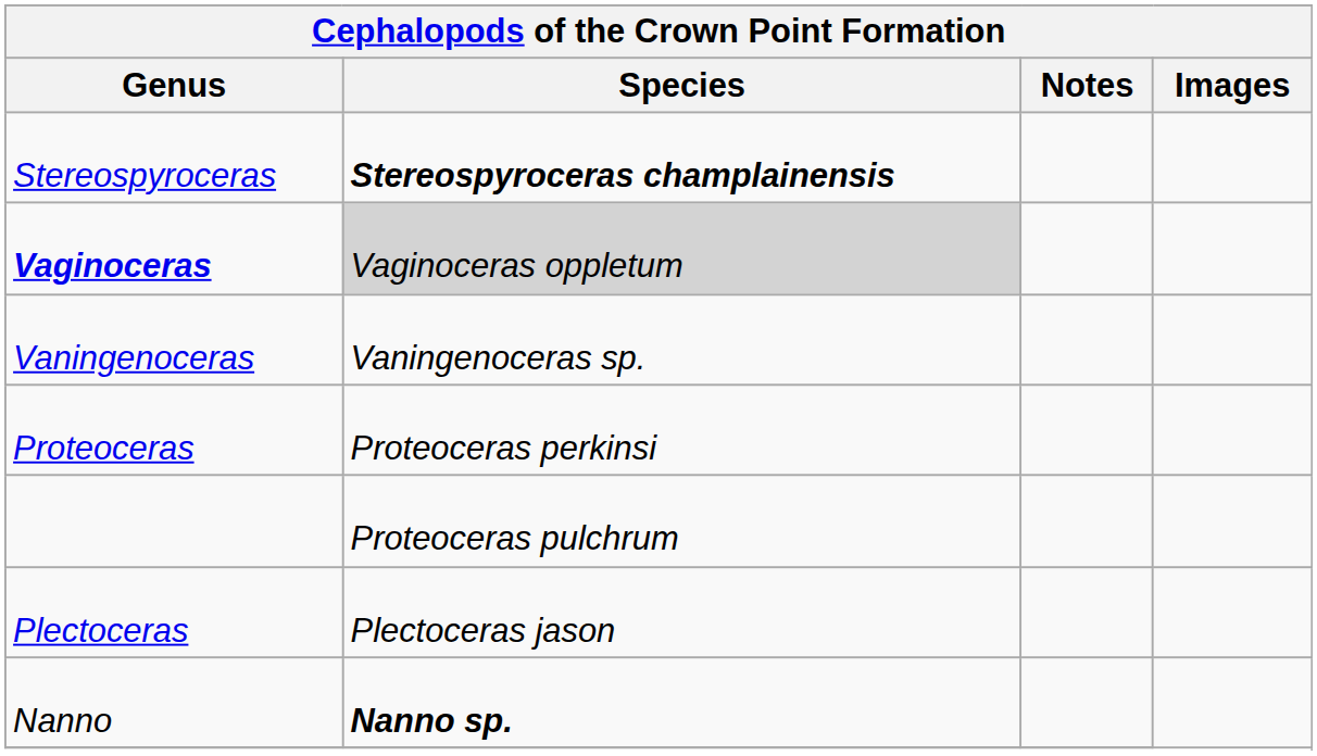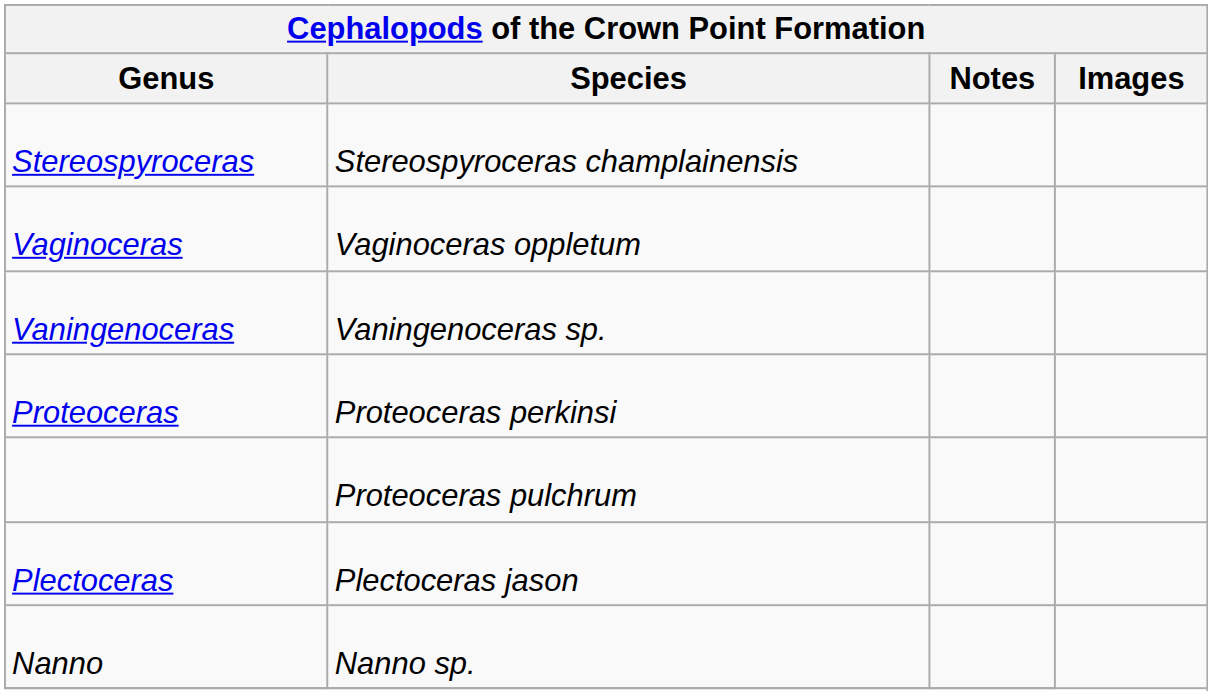 <table class="wikitable" align="center" width="100%">
 <tr>
 <th colspan="7" align="center"><strong><a href='#'>Cephalopods</a> of the Crown Point Formation</strong></th>
 </tr>
 <tr>
 <th>Genus</th>
 <th>Species</th>
 <th>Notes</th>
 <th>Images</th>
 </tr>
 <tr>
 <td><br><em><a href='#'>Stereospyroceras</a></em></td>
-<td><strong><br><em>Stereospyroceras champlainensis</em></strong></td>
+<td><br><em>Stereospyroceras champlainensis</em></td>
 <td></td>
 <td></td>
 </tr>
 <tr>
-<td><strong><br><em><a href='#'>Vaginoceras</a></em></strong></td>
-<td style="background: lightgrey;"><br><em>Vaginoceras oppletum</em></td>
+<td><br><em><a href='#'>Vaginoceras</a></em></td>
+<td><br><em>Vaginoceras oppletum</em></td>
 <td></td>
 <td></td>
 </tr>
 <tr>
 <td><br><em><a href='#'>Vaningenoceras</a></em></td>
 <td><br><em>Vaningenoceras sp.</em></td>
 <td></td>
 </tr>
 <tr>
 <td><br><em><a href='#'>Proteoceras</a></em></td>
 <td><br><em>Proteoceras perkinsi</em></td>
 <td></td>
 <td></td>
 </tr>
 <tr>
 <td></td>
 <td><br><em>Proteoceras pulchrum</em></td>
 <td></td>
 <td></td>
 </tr>
 <tr>
 <td><br><em><a href='#'>Plectoceras</a></em></td>
 <td><br><em>Plectoceras jason</em></td>
 <td></td>
 <td></td>
 </tr>
 <tr>
 <td><br><em>Nanno</em></td>
-<td><strong><br><em>Nanno sp.</em></strong></td>
+<td><br><em>Nanno sp.</em></td>
 <td></td>
 </tr>
 <tr>
 </tr>
 </table>
